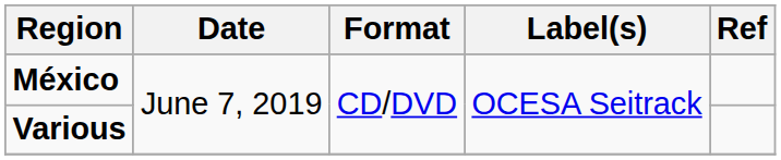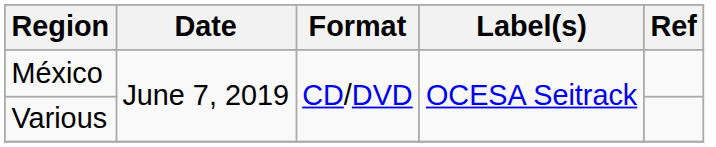 <table class="wikitable">
 <tr>
 <th>Region</th>
 <th>Date</th>
 <th>Format</th>
 <th>Label(s)</th>
 <th>Ref</th>
 </tr>
 <tr>
-<td><strong>México</strong></td>
+<td>México</td>
 <td rowspan="2">June 7, 2019</td>
 <td rowspan="2"><a href='#'>CD</a>/<a href='#'>DVD</a></td>
 <td rowspan="2"><a href='#'>OCESA Seitrack</a></td>
 <td></td>
 </tr>
 <tr>
-<td><strong>Various</strong></td>
+<td>Various</td>
 <td></td>
 </tr>
 <tr>
 </tr>
 </table>
